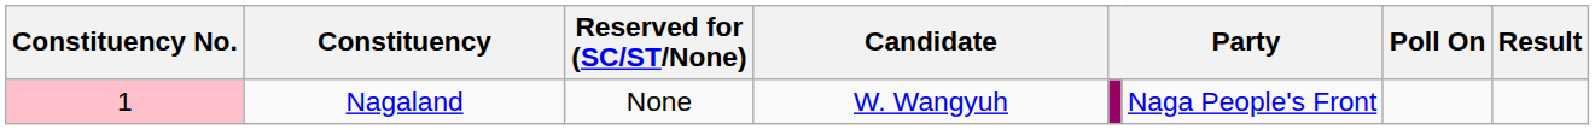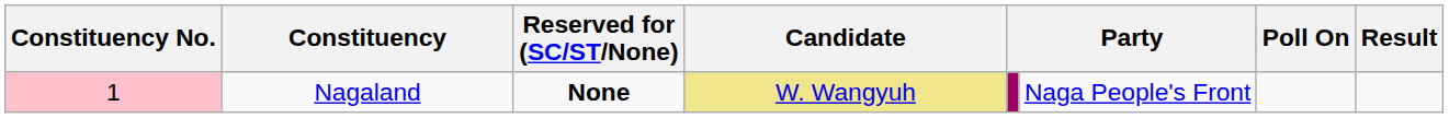 <table class="wikitable sortable" style="text-align:center">
 <tr>
 <th>Constituency No.</th>
 <th style="width:180px;">Constituency</th>
 <th>Reserved for<br>(<a href='#'>SC/ST</a>/None)</th>
 <th style="width:200px;">Candidate</th>
 <th colspan="2">Party</th>
 <th>Poll On</th>
 <th>Result</th>
 </tr>
 <tr>
 <td style="background: pink; text-align:center;">1</td>
 <td><a href='#'>Nagaland</a></td>
-<td>None</td>
-<td><a href='#'>W. Wangyuh</a></td>
+<td><strong>None</strong></td>
+<td style="background: khaki;"><a href='#'>W. Wangyuh</a></td>
 <td bgcolor=#990066></td>
 <td><a href='#'>Naga People's Front</a></td>
 <td></td>
 <td></td>
 </tr>
 </table>
